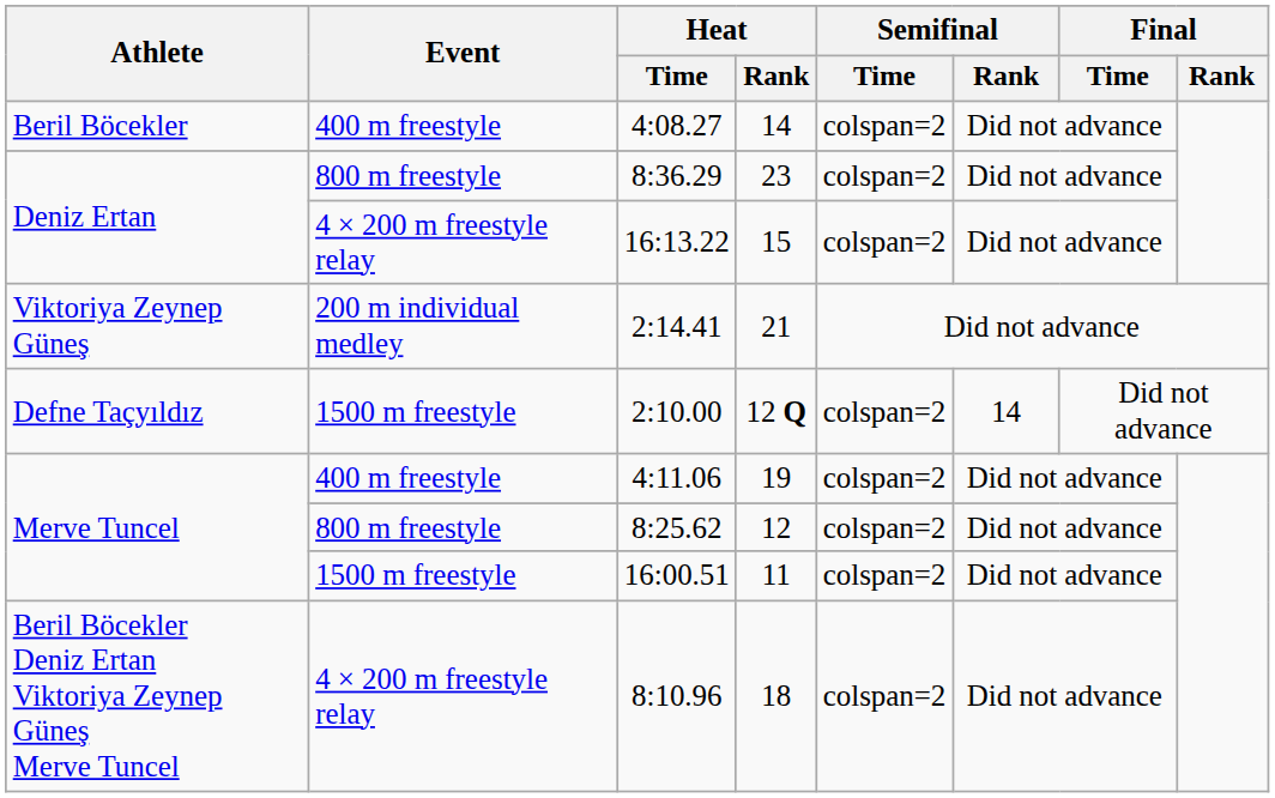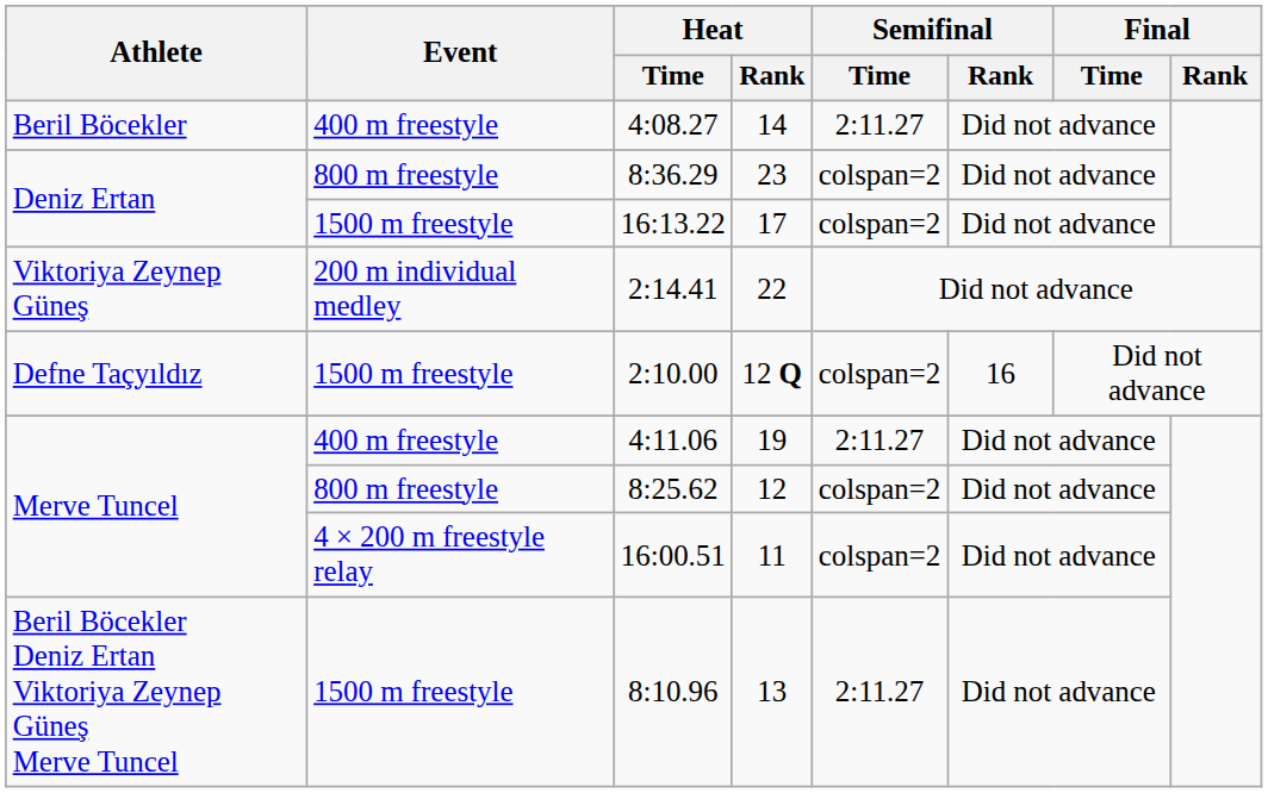 <table class=wikitable style="font-size:90%">
 <tr>
 <th rowspan="2">Athlete</th>
 <th rowspan="2">Event</th>
 <th colspan="2">Heat</th>
 <th colspan="2">Semifinal</th>
 <th colspan="2">Final</th>
 </tr>
 <tr style="font-size:95%">
 <th>Time</th>
 <th>Rank</th>
 <th>Time</th>
 <th>Rank</th>
 <th>Time</th>
 <th>Rank</th>
 </tr>
 <tr align=center>
 <td align=left><a href='#'>Beril Böcekler</a></td>
 <td align=left><a href='#'>400 m freestyle</a></td>
 <td>4:08.27</td>
 <td>14</td>
-<td>colspan=2 </td>
+<td>2:11.27</td>
 <td colspan="2">Did not advance</td>
 </tr>
 <tr align=center>
 <td align=left rowspan=2><a href='#'>Deniz Ertan</a></td>
 <td align=left><a href='#'>800 m freestyle</a></td>
 <td>8:36.29</td>
 <td>23</td>
 <td>colspan=2 </td>
 <td colspan="2">Did not advance</td>
 </tr>
 <tr align=center>
-<td align=left><a href='#'>4 × 200 m freestyle relay</a></td>
+<td align=left><a href='#'>1500 m freestyle</a></td>
 <td>16:13.22</td>
-<td>15</td>
+<td>17</td>
 <td>colspan=2 </td>
 <td colspan="2">Did not advance</td>
 </tr>
 <tr align=center>
 <td align=left><a href='#'>Viktoriya Zeynep Güneş</a></td>
 <td align=left><a href='#'>200 m individual medley</a></td>
 <td>2:14.41</td>
-<td>21</td>
+<td>22</td>
 <td colspan="4">Did not advance</td>
 </tr>
 <tr align=center>
 <td align=left><a href='#'>Defne Taçyıldız</a></td>
 <td align=left><a href='#'>1500 m freestyle</a></td>
 <td>2:10.00</td>
 <td>12 <strong>Q</strong></td>
 <td>colspan=2 </td>
-<td>14</td>
+<td>16</td>
 <td colspan="2">Did not advance</td>
 </tr>
 <tr align=center>
 <td align=left rowspan=3><a href='#'>Merve Tuncel</a></td>
 <td align=left><a href='#'>400 m freestyle</a></td>
 <td>4:11.06</td>
 <td>19</td>
-<td>colspan=2 </td>
+<td>2:11.27</td>
 <td colspan="2">Did not advance</td>
 </tr>
 <tr align=center>
 <td align=left><a href='#'>800 m freestyle</a></td>
 <td>8:25.62</td>
 <td>12</td>
 <td>colspan=2 </td>
 <td colspan="2">Did not advance</td>
 </tr>
 <tr align=center>
-<td align=left><a href='#'>1500 m freestyle</a></td>
+<td align=left><a href='#'>4 × 200 m freestyle relay</a></td>
 <td>16:00.51</td>
 <td>11</td>
 <td>colspan=2 </td>
 <td colspan="2">Did not advance</td>
 </tr>
 <tr align=center>
 <td align=left><a href='#'>Beril Böcekler</a><br><a href='#'>Deniz Ertan</a><br><a href='#'>Viktoriya Zeynep Güneş</a><br><a href='#'>Merve Tuncel</a></td>
-<td align=left><a href='#'>4 × 200 m freestyle relay</a></td>
+<td align=left><a href='#'>1500 m freestyle</a></td>
 <td>8:10.96</td>
-<td>18</td>
-<td>colspan=2 </td>
+<td>13</td>
+<td>2:11.27</td>
 <td colspan="2">Did not advance</td>
 </tr>
 </table>
